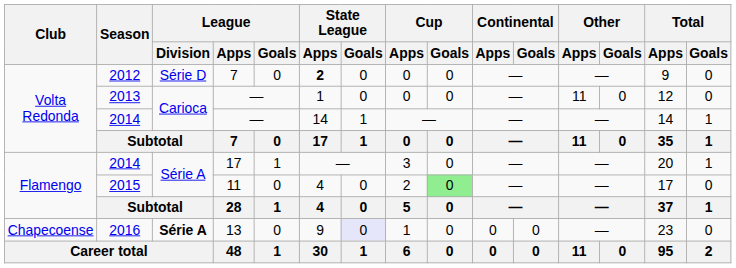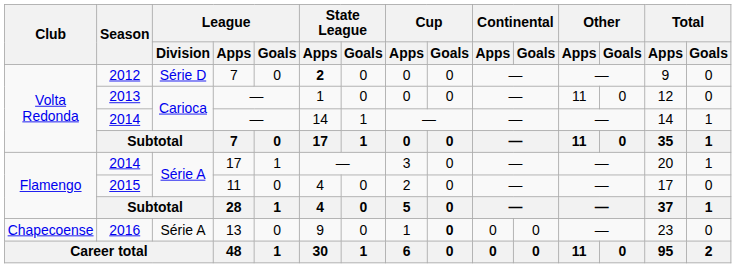 <table class="wikitable" style="text-align: center;">
 <tr>
 <th rowspan="2">Club</th>
 <th rowspan="2">Season</th>
 <th colspan="3">League</th>
 <th colspan="2">State League</th>
 <th colspan="2">Cup</th>
 <th colspan="2">Continental</th>
 <th colspan="2">Other</th>
 <th colspan="2">Total</th>
 </tr>
 <tr>
 <th>Division</th>
 <th>Apps</th>
 <th>Goals</th>
 <th>Apps</th>
 <th>Goals</th>
 <th>Apps</th>
 <th>Goals</th>
 <th>Apps</th>
 <th>Goals</th>
 <th>Apps</th>
 <th>Goals</th>
 <th>Apps</th>
 <th>Goals</th>
 </tr>
 <tr>
 <td rowspan="4" valign="center"><a href='#'>Volta Redonda</a></td>
 <td><a href='#'>2012</a></td>
 <td><a href='#'>Série D</a></td>
 <td>7</td>
 <td>0</td>
 <td><strong>2</strong></td>
 <td>0</td>
 <td>0</td>
 <td>0</td>
 <td colspan="2">—</td>
 <td colspan="2">—</td>
 <td>9</td>
 <td>0</td>
 </tr>
 <tr>
 <td><a href='#'>2013</a></td>
 <td rowspan="2"><a href='#'>Carioca</a></td>
 <td colspan="2">—</td>
 <td>1</td>
 <td>0</td>
 <td>0</td>
 <td>0</td>
 <td colspan="2">—</td>
 <td>11</td>
 <td>0</td>
 <td>12</td>
 <td>0</td>
 </tr>
 <tr>
 <td><a href='#'>2014</a></td>
 <td colspan="2">—</td>
 <td>14</td>
 <td>1</td>
 <td colspan="2">—</td>
 <td colspan="2">—</td>
 <td colspan="2">—</td>
 <td>14</td>
 <td>1</td>
 </tr>
 <tr>
 <th colspan="2">Subtotal</th>
 <th>7</th>
 <th>0</th>
 <th>17</th>
 <th>1</th>
 <th>0</th>
 <th>0</th>
 <th colspan="2">—</th>
 <th>11</th>
 <th>0</th>
 <th>35</th>
 <th>1</th>
 </tr>
 <tr>
 <td rowspan="3" valign="center"><a href='#'>Flamengo</a></td>
 <td><a href='#'>2014</a></td>
 <td rowspan="2"><a href='#'>Série A</a></td>
 <td>17</td>
 <td>1</td>
 <td colspan="2">—</td>
 <td>3</td>
 <td>0</td>
 <td colspan="2">—</td>
 <td colspan="2">—</td>
 <td>20</td>
 <td>1</td>
 </tr>
 <tr>
 <td><a href='#'>2015</a></td>
 <td>11</td>
 <td>0</td>
 <td>4</td>
 <td>0</td>
 <td>2</td>
-<td style="background: lightgreen;">0</td>
+<td>0</td>
 <td colspan="2">—</td>
 <td colspan="2">—</td>
 <td>17</td>
 <td>0</td>
 </tr>
 <tr>
 <th colspan="2">Subtotal</th>
 <th>28</th>
 <th>1</th>
 <th>4</th>
 <th>0</th>
 <th>5</th>
 <th>0</th>
 <th colspan="2">—</th>
 <th colspan="2">—</th>
 <th>37</th>
 <th>1</th>
 </tr>
 <tr>
 <td valign="center"><a href='#'>Chapecoense</a></td>
 <td><a href='#'>2016</a></td>
-<td><strong>Série A</strong></td>
+<td>Série A</td>
 <td>13</td>
 <td>0</td>
 <td>9</td>
-<td style="background: lavender;">0</td>
+<td>0</td>
 <td>1</td>
-<td>0</td>
+<td><strong>0</strong></td>
 <td>0</td>
 <td>0</td>
 <td colspan="2">—</td>
 <td>23</td>
 <td>0</td>
 </tr>
 <tr>
 <th colspan="3"><strong>Career total</strong></th>
 <th>48</th>
 <th>1</th>
 <th>30</th>
 <th>1</th>
 <th>6</th>
 <th>0</th>
 <th>0</th>
 <th>0</th>
 <th>11</th>
 <th>0</th>
 <th>95</th>
 <th>2</th>
 </tr>
 </table>
